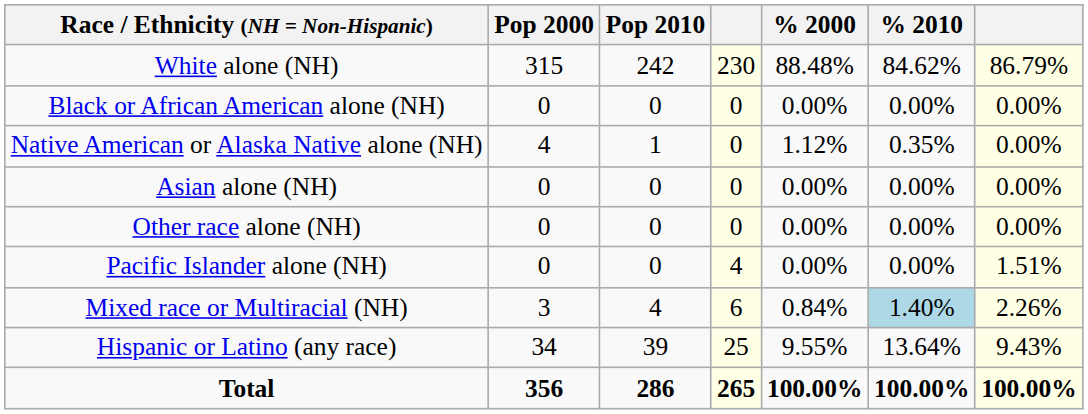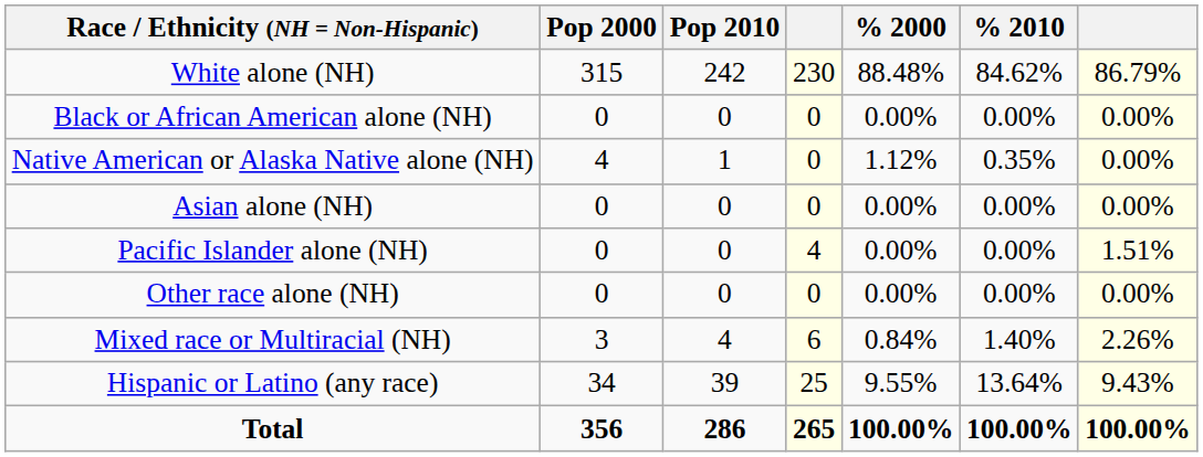 <table class="wikitable" style="text-align:center;">
 <tr>
 <th>Race / Ethnicity <small>(<em>NH = Non-Hispanic</em>)</small></th>
 <th>Pop 2000</th>
 <th>Pop 2010</th>
 <th></th>
 <th>% 2000</th>
 <th>% 2010</th>
 <th></th>
 </tr>
 <tr>
 <td><a href='#'>White</a> alone (NH)</td>
 <td>315</td>
 <td>242</td>
 <td style='background: #ffffe6;'>230</td>
 <td>88.48%</td>
 <td>84.62%</td>
 <td style='background: #ffffe6;'>86.79%</td>
 </tr>
 <tr>
 <td><a href='#'>Black or African American</a> alone (NH)</td>
 <td>0</td>
 <td>0</td>
 <td style='background: #ffffe6;'>0</td>
 <td>0.00%</td>
 <td>0.00%</td>
 <td style='background: #ffffe6;'>0.00%</td>
 </tr>
 <tr>
 <td><a href='#'>Native American</a> or <a href='#'>Alaska Native</a> alone (NH)</td>
 <td>4</td>
 <td>1</td>
 <td style='background: #ffffe6;'>0</td>
 <td>1.12%</td>
 <td>0.35%</td>
 <td style='background: #ffffe6;'>0.00%</td>
 </tr>
 <tr>
 <td><a href='#'>Asian</a> alone (NH)</td>
 <td>0</td>
 <td>0</td>
 <td style='background: #ffffe6;'>0</td>
 <td>0.00%</td>
 <td>0.00%</td>
 <td style='background: #ffffe6;'>0.00%</td>
 </tr>
 <tr>
+<td><a href='#'>Pacific Islander</a> alone (NH)</td>
+<td>0</td>
+<td>0</td>
+<td style='background: #ffffe6;'>4</td>
+<td>0.00%</td>
+<td>0.00%</td>
+<td style='background: #ffffe6;'>1.51%</td>
+</tr>
+<tr>
 <td><a href='#'>Other race</a> alone (NH)</td>
 <td>0</td>
 <td>0</td>
 <td style='background: #ffffe6;'>0</td>
 <td>0.00%</td>
 <td>0.00%</td>
 <td style='background: #ffffe6;'>0.00%</td>
 </tr>
 <tr>
-<td><a href='#'>Pacific Islander</a> alone (NH)</td>
-<td>0</td>
-<td>0</td>
-<td style='background: #ffffe6;'>4</td>
-<td>0.00%</td>
-<td>0.00%</td>
-<td style='background: #ffffe6;'>1.51%</td>
-</tr>
-<tr>
 <td><a href='#'>Mixed race or Multiracial</a> (NH)</td>
 <td>3</td>
 <td>4</td>
 <td style='background: #ffffe6;'>6</td>
 <td>0.84%</td>
-<td style="background: lightblue;">1.40%</td>
+<td>1.40%</td>
 <td style='background: #ffffe6;'>2.26%</td>
 </tr>
 <tr>
 <td><a href='#'>Hispanic or Latino</a> (any race)</td>
 <td>34</td>
 <td>39</td>
 <td style='background: #ffffe6;'>25</td>
 <td>9.55%</td>
 <td>13.64%</td>
 <td style='background: #ffffe6;'>9.43%</td>
 </tr>
 <tr>
 <td><strong>Total</strong></td>
 <td><strong>356</strong></td>
 <td><strong>286</strong></td>
 <td style='background: #ffffe6;'><strong>265</strong></td>
 <td><strong>100.00%</strong></td>
 <td><strong>100.00%</strong></td>
 <td style='background: #ffffe6;'><strong>100.00%</strong></td>
 </tr>
 </table>
